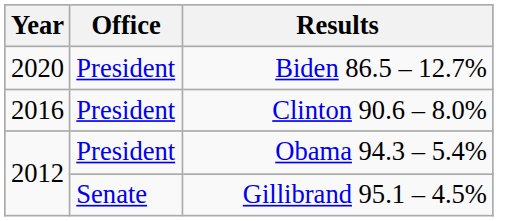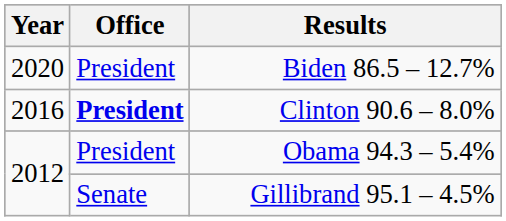 <table class=wikitable>
 <tr>
 <th width="30">Year</th>
 <th width="60">Office</th>
 <th width="180">Results</th>
 </tr>
 <tr>
 <td>2020</td>
 <td><a href='#'>President</a></td>
 <td align="right" ><a href='#'>Biden</a> 86.5 – 12.7%</td>
 </tr>
 <tr>
 <td>2016</td>
-<td><a href='#'>President</a></td>
+<td><strong><a href='#'>President</a></strong></td>
 <td align="right" ><a href='#'>Clinton</a> 90.6 – 8.0%</td>
 </tr>
 <tr>
 <td rowspan="2">2012</td>
 <td><a href='#'>President</a></td>
 <td align="right" ><a href='#'>Obama</a> 94.3 – 5.4%</td>
 </tr>
 <tr>
 <td><a href='#'>Senate</a></td>
 <td align="right" ><a href='#'>Gillibrand</a> 95.1 – 4.5%</td>
 </tr>
 </table>
